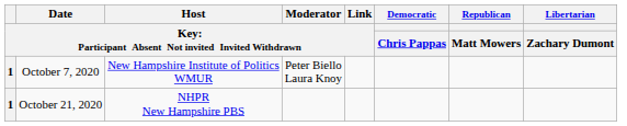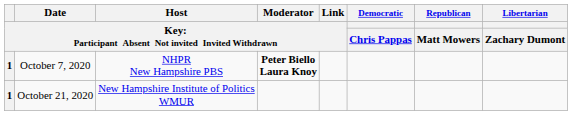 <table class="wikitable" style="text-align:center;">
 <tr>
 <th scope="col"></th>
 <th scope="col">Date</th>
 <th scope="col">Host</th>
 <th scope="col">Moderator</th>
 <th scope="col">Link</th>
 <th scope="col"><small><a href='#'>Democratic</a></small></th>
 <th scope="col"><small><a href='#'>Republican</a></small></th>
 <th scope="col"><small><a href='#'>Libertarian</a></small></th>
 </tr>
 <tr>
 <th colspan="5" rowspan="2">Key:<br> <small>Participant </small>  <small>Absent </small>  <small>Not invited </small>  <small>Invited  Withdrawn</small></th>
 <th scope="col" style="background:"></th>
 <th scope="col" style="background:"></th>
 <th scope="col" style="background:"></th>
 </tr>
 <tr>
 <th scope="col"><a href='#'>Chris Pappas</a></th>
 <th scope="col">Matt Mowers</th>
 <th scope="col">Zachary Dumont</th>
 </tr>
 <tr>
 <th>1</th>
 <td style="white-space:nowrap;">October 7, 2020</td>
-<td style="white-space:nowrap;"><a href='#'>New Hampshire Institute of Politics</a><br><a href='#'>WMUR</a></td>
-<td style="white-space:nowrap;">Peter Biello<br>Laura Knoy</td>
+<td style="white-space:nowrap;"><a href='#'>NHPR</a><br><a href='#'>New Hampshire PBS</a></td>
+<td style="white-space:nowrap;"><strong>Peter Biello<br>Laura Knoy</strong></td>
 <td style="white-space:nowrap;"></td>
 <td></td>
 <td></td>
 <td></td>
 </tr>
 <tr>
 <th>1</th>
 <td style="white-space:nowrap;">October 21, 2020</td>
-<td style="white-space:nowrap;"><a href='#'>NHPR</a><br><a href='#'>New Hampshire PBS</a></td>
+<td style="white-space:nowrap;"><a href='#'>New Hampshire Institute of Politics</a><br><a href='#'>WMUR</a></td>
 <td style="white-space:nowrap;"></td>
 <td style="white-space:nowrap;"></td>
 <td></td>
 <td></td>
 <td></td>
 </tr>
 </table>
